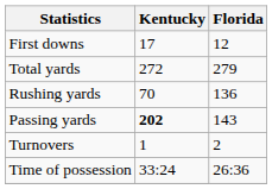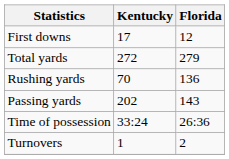 <table class="wikitable" style="float: left;">
 <tr>
 <th>Statistics</th>
 <th>Kentucky</th>
 <th>Florida</th>
 </tr>
 <tr>
 <td>First downs</td>
 <td>17</td>
 <td>12</td>
 </tr>
 <tr>
 <td>Total yards</td>
 <td>272</td>
 <td>279</td>
 </tr>
 <tr>
 <td>Rushing yards</td>
 <td>70</td>
 <td>136</td>
 </tr>
 <tr>
 <td>Passing yards</td>
-<td><strong>202</strong></td>
+<td>202</td>
 <td>143</td>
+</tr>
+<tr>
+<td>Time of possession</td>
+<td>33:24</td>
+<td>26:36</td>
 </tr>
 <tr>
 <td>Turnovers</td>
 <td>1</td>
 <td>2</td>
 </tr>
 <tr>
-<td>Time of possession</td>
-<td>33:24</td>
-<td>26:36</td>
-</tr>
-<tr>
 </tr>
 </table>
